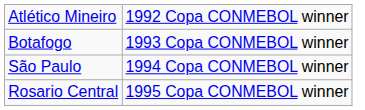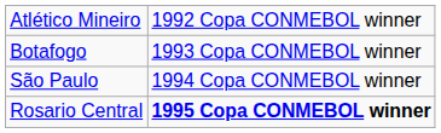 <table class="wikitable" border="1">
 <tr>
 <td> <a href='#'>Atlético Mineiro</a></td>
 <td><a href='#'>1992 Copa CONMEBOL</a> winner</td>
 </tr>
 <tr>
 <td> <a href='#'>Botafogo</a></td>
 <td><a href='#'>1993 Copa CONMEBOL</a> winner</td>
 </tr>
 <tr>
 <td> <a href='#'>São Paulo</a></td>
 <td><a href='#'>1994 Copa CONMEBOL</a> winner</td>
 </tr>
 <tr>
 <td> <a href='#'>Rosario Central</a></td>
-<td><a href='#'>1995 Copa CONMEBOL</a> winner</td>
+<td><strong><a href='#'>1995 Copa CONMEBOL</a> winner</strong></td>
 </tr>
 </table>
